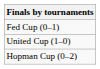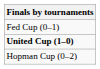 <table class="wikitable" style=font-size:90%>
 <tr>
 <th>Finals by tournaments</th>
 </tr>
 <tr>
 <td>Fed Cup (0–1)</td>
 </tr>
 <tr>
-<td>United Cup (1–0)</td>
+<td><strong>United Cup (1–0)</strong></td>
 </tr>
 <tr>
 <td>Hopman Cup (0–2)</td>
 </tr>
 </table>
